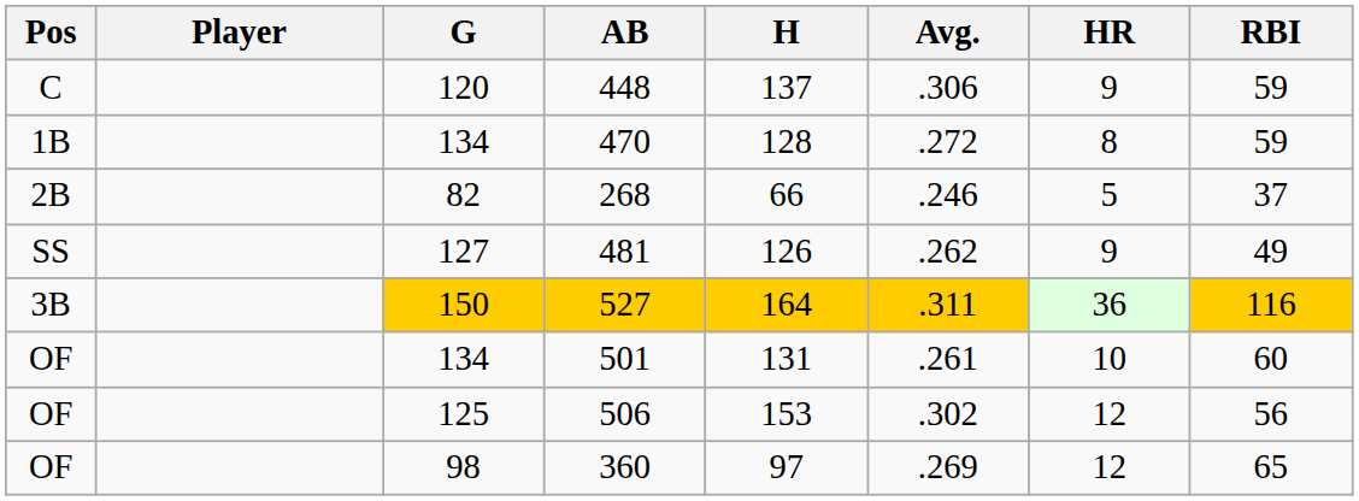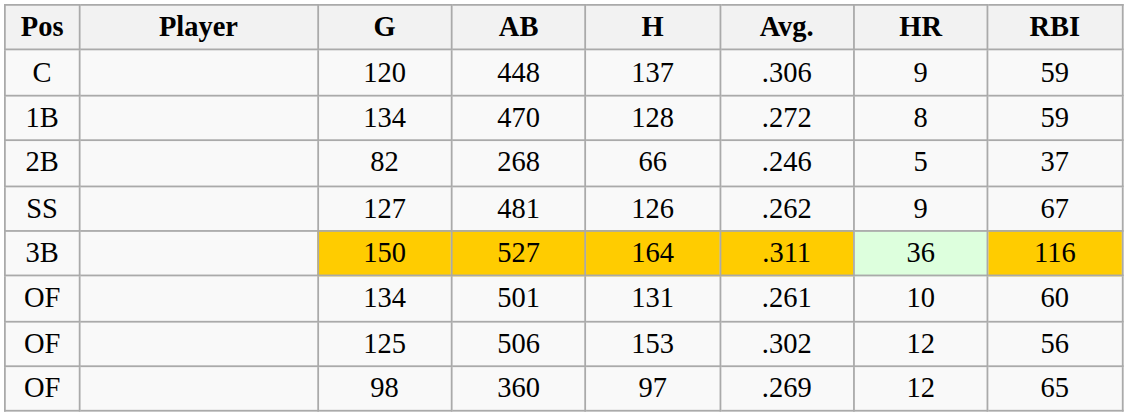 <table class="wikitable sortable">
 <tr>
 <th bgcolor="#DDDDFF" width="5%">Pos</th>
 <th bgcolor="#DDDDFF" width="16%">Player</th>
 <th bgcolor="#DDDDFF" width="9%">G</th>
 <th bgcolor="#DDDDFF" width="9%">AB</th>
 <th bgcolor="#DDDDFF" width="9%">H</th>
 <th bgcolor="#DDDDFF" width="9%">Avg.</th>
 <th bgcolor="#DDDDFF" width="9%">HR</th>
 <th bgcolor="#DDDDFF" width="9%">RBI</th>
 </tr>
 <tr align="center">
 <td>C</td>
 <td></td>
 <td>120</td>
 <td>448</td>
 <td>137</td>
 <td>.306</td>
 <td>9</td>
 <td>59</td>
 </tr>
 <tr align="center">
 <td>1B</td>
 <td></td>
 <td>134</td>
 <td>470</td>
 <td>128</td>
 <td>.272</td>
 <td>8</td>
 <td>59</td>
 </tr>
 <tr align="center">
 <td>2B</td>
 <td></td>
 <td>82</td>
 <td>268</td>
 <td>66</td>
 <td>.246</td>
 <td>5</td>
 <td>37</td>
 </tr>
 <tr align="center">
 <td>SS</td>
 <td></td>
 <td>127</td>
 <td>481</td>
 <td>126</td>
 <td>.262</td>
 <td>9</td>
-<td>49</td>
+<td>67</td>
 </tr>
 <tr align="center">
 <td>3B</td>
 <td></td>
 <td style="background:#fc0;">150</td>
 <td style="background:#fc0;">527</td>
 <td style="background:#fc0;">164</td>
 <td style="background:#fc0;">.311</td>
 <td style="background:#DDFFDD;">36</td>
 <td style="background:#fc0;">116</td>
 </tr>
 <tr align="center">
 <td>OF</td>
 <td></td>
 <td>134</td>
 <td>501</td>
 <td>131</td>
 <td>.261</td>
 <td>10</td>
 <td>60</td>
 </tr>
 <tr align="center">
 <td>OF</td>
 <td></td>
 <td>125</td>
 <td>506</td>
 <td>153</td>
 <td>.302</td>
 <td>12</td>
 <td>56</td>
 </tr>
 <tr align="center">
 <td>OF</td>
 <td></td>
 <td>98</td>
 <td>360</td>
 <td>97</td>
 <td>.269</td>
 <td>12</td>
 <td>65</td>
 </tr>
 </table>
